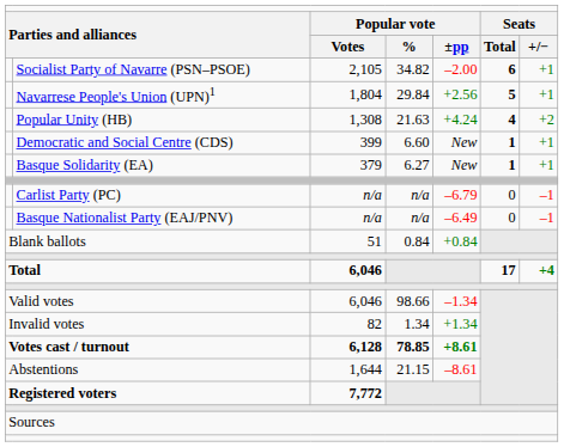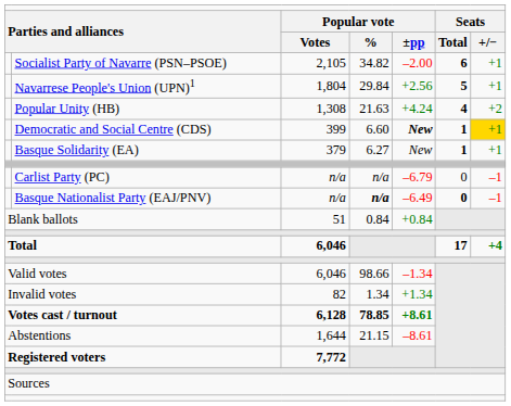 <table class="wikitable" style="text-align:right;">
 <tr>
 <td colspan="7"></td>
 </tr>
 <tr>
 <th style="text-align:left;" rowspan="2" colspan="2" width="525">Parties and alliances</th>
 <th colspan="3">Popular vote</th>
 <th colspan="2">Seats</th>
 </tr>
 <tr>
 <th width="75">Votes</th>
 <th width="45">%</th>
 <th width="45">±<a href='#'>pp</a></th>
 <th width="35">Total</th>
 <th width="35">+/−</th>
 </tr>
 <tr>
 <td width="1" style="color:inherit;background:"></td>
 <td align="left"><a href='#'>Socialist Party of Navarre</a> (PSN–PSOE)</td>
 <td>2,105</td>
 <td>34.82</td>
 <td style="color:red;">–2.00</td>
 <td><strong>6</strong></td>
 <td style="color:green;">+1</td>
 </tr>
 <tr>
 <td style="color:inherit;background:"></td>
 <td align="left"><a href='#'>Navarrese People's Union</a> (UPN)<sup>1</sup></td>
 <td>1,804</td>
 <td>29.84</td>
 <td style="color:green;">+2.56</td>
 <td><strong>5</strong></td>
 <td style="color:green;">+1</td>
 </tr>
 <tr>
 <td style="color:inherit;background:"></td>
 <td align="left"><a href='#'>Popular Unity</a> (HB)</td>
 <td>1,308</td>
 <td>21.63</td>
 <td style="color:green;">+4.24</td>
 <td><strong>4</strong></td>
 <td style="color:green;">+2</td>
 </tr>
 <tr>
 <td style="color:inherit;background:"></td>
 <td align="left"><a href='#'>Democratic and Social Centre</a> (CDS)</td>
 <td>399</td>
 <td>6.60</td>
-<td><em>New</em></td>
+<td><strong><em>New</em></strong></td>
 <td><strong>1</strong></td>
-<td style="color:green;">+1</td>
+<td style="background: gold; color:green;">+1</td>
 </tr>
 <tr>
 <td style="color:inherit;background:"></td>
 <td align="left"><a href='#'>Basque Solidarity</a> (EA)</td>
 <td>379</td>
 <td>6.27</td>
 <td><em>New</em></td>
 <td><strong>1</strong></td>
 <td style="color:green;">+1</td>
 </tr>
 <tr>
 <td colspan="7" bgcolor="#C0C0C0"></td>
 </tr>
 <tr>
 <td style="color:inherit;background:"></td>
 <td align="left"><a href='#'>Carlist Party</a> (PC)</td>
 <td><em>n/a</em></td>
 <td><em>n/a</em></td>
 <td style="color:red;">–6.79</td>
 <td>0</td>
 <td style="color:red;">–1</td>
 </tr>
 <tr>
 <td style="color:inherit;background:"></td>
 <td align="left"><a href='#'>Basque Nationalist Party</a> (EAJ/PNV)</td>
 <td><em>n/a</em></td>
-<td><em>n/a</em></td>
+<td><strong><em>n/a</em></strong></td>
 <td style="color:red;">–6.49</td>
-<td>0</td>
+<td><strong>0</strong></td>
 <td style="color:red;">–1</td>
 </tr>
 <tr>
 <td align="left" colspan="2">Blank ballots</td>
 <td>51</td>
 <td>0.84</td>
 <td style="color:green;">+0.84</td>
 <td bgcolor="#E9E9E9" colspan="2"></td>
 </tr>
 <tr>
 <td colspan="7" bgcolor="#E9E9E9"></td>
 </tr>
 <tr style="font-weight:bold;">
 <td align="left" colspan="2">Total</td>
 <td>6,046</td>
 <td bgcolor="#E9E9E9" colspan="2"></td>
 <td>17</td>
 <td style="color:green;">+4</td>
 </tr>
 <tr>
 <td colspan="7" bgcolor="#E9E9E9"></td>
 </tr>
 <tr>
 <td align="left" colspan="2">Valid votes</td>
 <td>6,046</td>
 <td>98.66</td>
 <td style="color:red;">–1.34</td>
 <td bgcolor="#E9E9E9" colspan="2" rowspan="5"></td>
 </tr>
 <tr>
 <td align="left" colspan="2">Invalid votes</td>
 <td>82</td>
 <td>1.34</td>
 <td style="color:green;">+1.34</td>
 </tr>
 <tr style="font-weight:bold;">
 <td align="left" colspan="2">Votes cast / turnout</td>
 <td>6,128</td>
 <td>78.85</td>
 <td style="color:green;">+8.61</td>
 </tr>
 <tr>
 <td align="left" colspan="2">Abstentions</td>
 <td>1,644</td>
 <td>21.15</td>
 <td style="color:red;">–8.61</td>
 </tr>
 <tr style="font-weight:bold;">
 <td align="left" colspan="2">Registered voters</td>
 <td>7,772</td>
 <td bgcolor="#E9E9E9" colspan="2"></td>
 </tr>
 <tr>
 <td colspan="7" bgcolor="#E9E9E9"></td>
 </tr>
 <tr>
 <td align="left" colspan="7">Sources</td>
 </tr>
 <tr>
 <td colspan="7" style="text-align:left; max-width:790px;"></td>
 </tr>
 </table>
